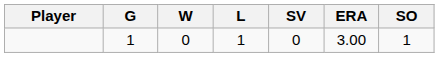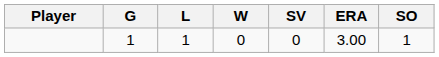 <table class="wikitable sortable">
 <tr>
 <th bgcolor="#DDDDFF" width="16%">Player</th>
 <th bgcolor="#DDDDFF" width="9%">G</th>
+<th bgcolor="#DDDDFF" width="9%">L</th>
 <th bgcolor="#DDDDFF" width="9%">W</th>
-<th bgcolor="#DDDDFF" width="9%">L</th>
 <th bgcolor="#DDDDFF" width="9%">SV</th>
 <th bgcolor="#DDDDFF" width="9%">ERA</th>
 <th bgcolor="#DDDDFF" width="9%">SO</th>
 </tr>
 <tr align="center">
 <td></td>
 <td>1</td>
+<td>1</td>
 <td>0</td>
-<td>1</td>
 <td>0</td>
 <td>3.00</td>
 <td>1</td>
 </tr>
 </table>
